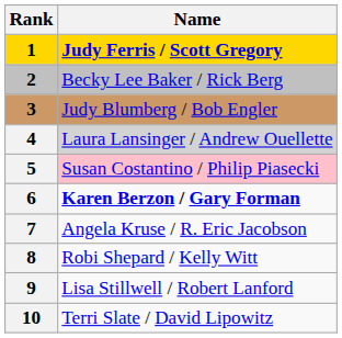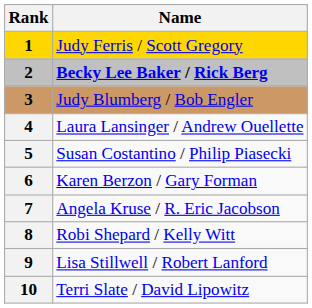 <table class="wikitable">
 <tr>
 <th>Rank</th>
 <th>Name</th>
 </tr>
 <tr bgcolor="gold">
 <td align="center"><strong>1</strong></td>
-<td><strong><a href='#'>Judy Ferris</a> / <a href='#'>Scott Gregory</a></strong></td>
+<td><a href='#'>Judy Ferris</a> / <a href='#'>Scott Gregory</a></td>
 </tr>
 <tr bgcolor="silver">
 <td align="center"><strong>2</strong></td>
-<td><a href='#'>Becky Lee Baker</a> / <a href='#'>Rick Berg</a></td>
+<td><strong><a href='#'>Becky Lee Baker</a> / <a href='#'>Rick Berg</a></strong></td>
 </tr>
 <tr bgcolor="cc9966">
 <td align="center"><strong>3</strong></td>
 <td><a href='#'>Judy Blumberg</a> / <a href='#'>Bob Engler</a></td>
 </tr>
 <tr>
 <th>4</th>
-<td style="background: lightgrey;"><a href='#'>Laura Lansinger</a> / <a href='#'>Andrew Ouellette</a></td>
+<td><a href='#'>Laura Lansinger</a> / <a href='#'>Andrew Ouellette</a></td>
 </tr>
 <tr>
 <th>5</th>
-<td style="background: pink;"><a href='#'>Susan Costantino</a> / <a href='#'>Philip Piasecki</a></td>
+<td><a href='#'>Susan Costantino</a> / <a href='#'>Philip Piasecki</a></td>
 </tr>
 <tr>
 <th>6</th>
-<td><strong><a href='#'>Karen Berzon</a> / <a href='#'>Gary Forman</a></strong></td>
+<td><a href='#'>Karen Berzon</a> / <a href='#'>Gary Forman</a></td>
 </tr>
 <tr>
 <th>7</th>
 <td><a href='#'>Angela Kruse</a> / <a href='#'>R. Eric Jacobson</a></td>
 </tr>
 <tr>
 <th>8</th>
 <td><a href='#'>Robi Shepard</a> / <a href='#'>Kelly Witt</a></td>
 </tr>
 <tr>
 <th>9</th>
 <td><a href='#'>Lisa Stillwell</a> / <a href='#'>Robert Lanford</a></td>
 </tr>
 <tr>
 <th>10</th>
 <td><a href='#'>Terri Slate</a> / <a href='#'>David Lipowitz</a></td>
 </tr>
 </table>
